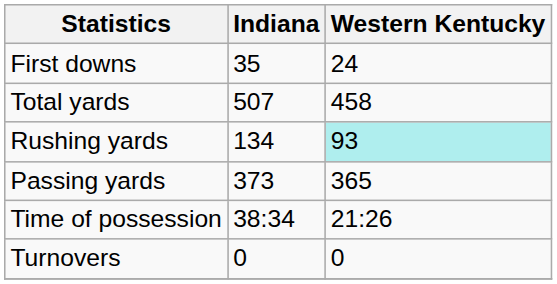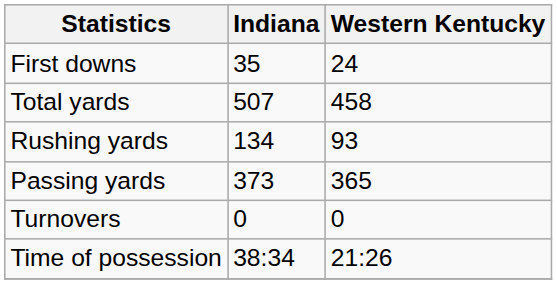 <table class="wikitable">
 <tr>
 <th>Statistics</th>
 <th>Indiana</th>
 <th>Western Kentucky</th>
 </tr>
 <tr>
 <td>First downs</td>
 <td>35</td>
 <td>24</td>
 </tr>
 <tr>
 <td>Total yards</td>
 <td>507</td>
 <td>458</td>
 </tr>
 <tr>
 <td>Rushing yards</td>
 <td>134</td>
-<td style="background: paleturquoise;">93</td>
+<td>93</td>
 </tr>
 <tr>
 <td>Passing yards</td>
 <td>373</td>
 <td>365</td>
 </tr>
 <tr>
+<td>Turnovers</td>
+<td>0</td>
+<td>0</td>
+</tr>
+<tr>
 <td>Time of possession</td>
 <td>38:34</td>
 <td>21:26</td>
 </tr>
 <tr>
-<td>Turnovers</td>
-<td>0</td>
-<td>0</td>
-</tr>
-<tr>
 </tr>
 </table>
